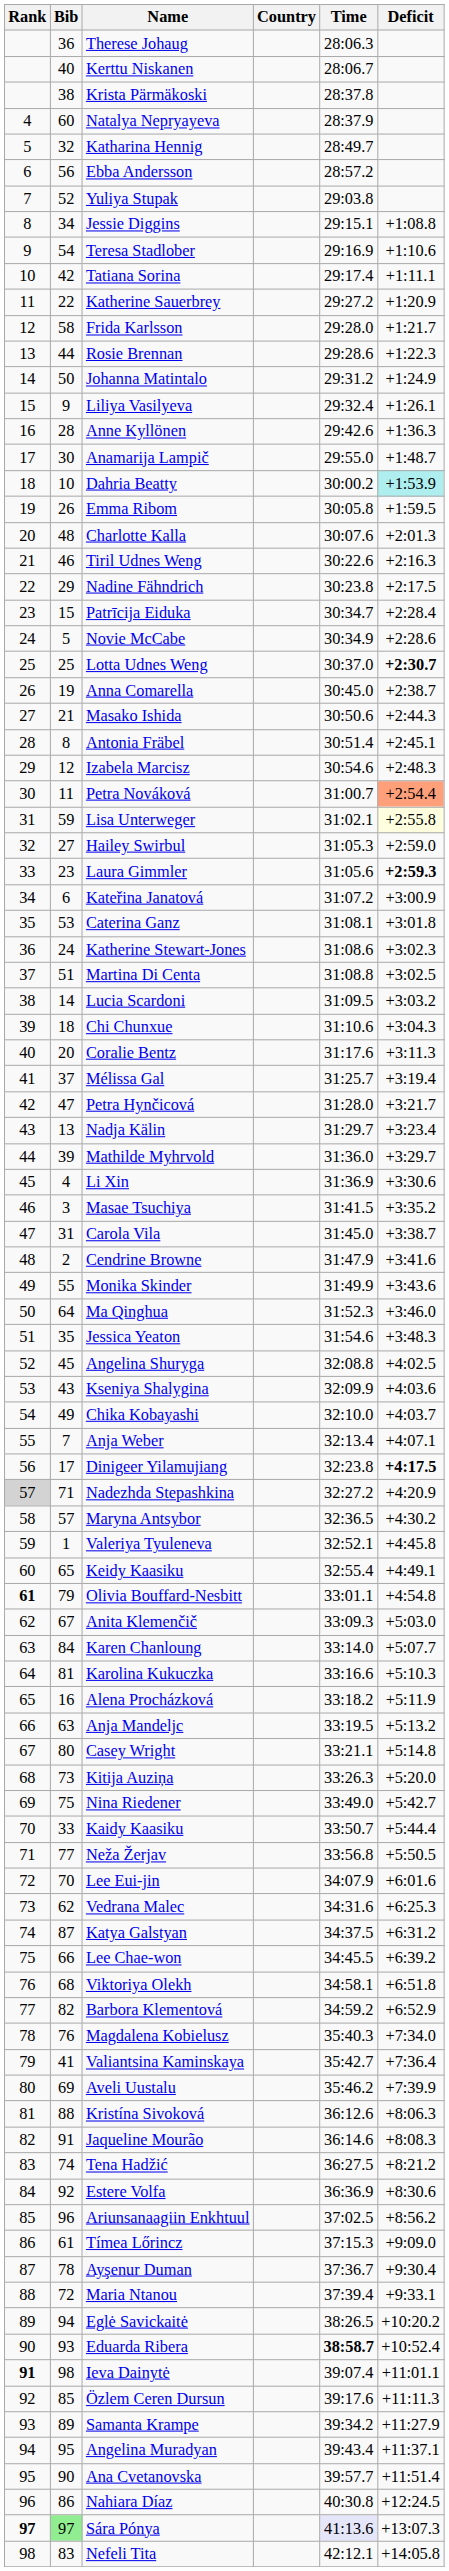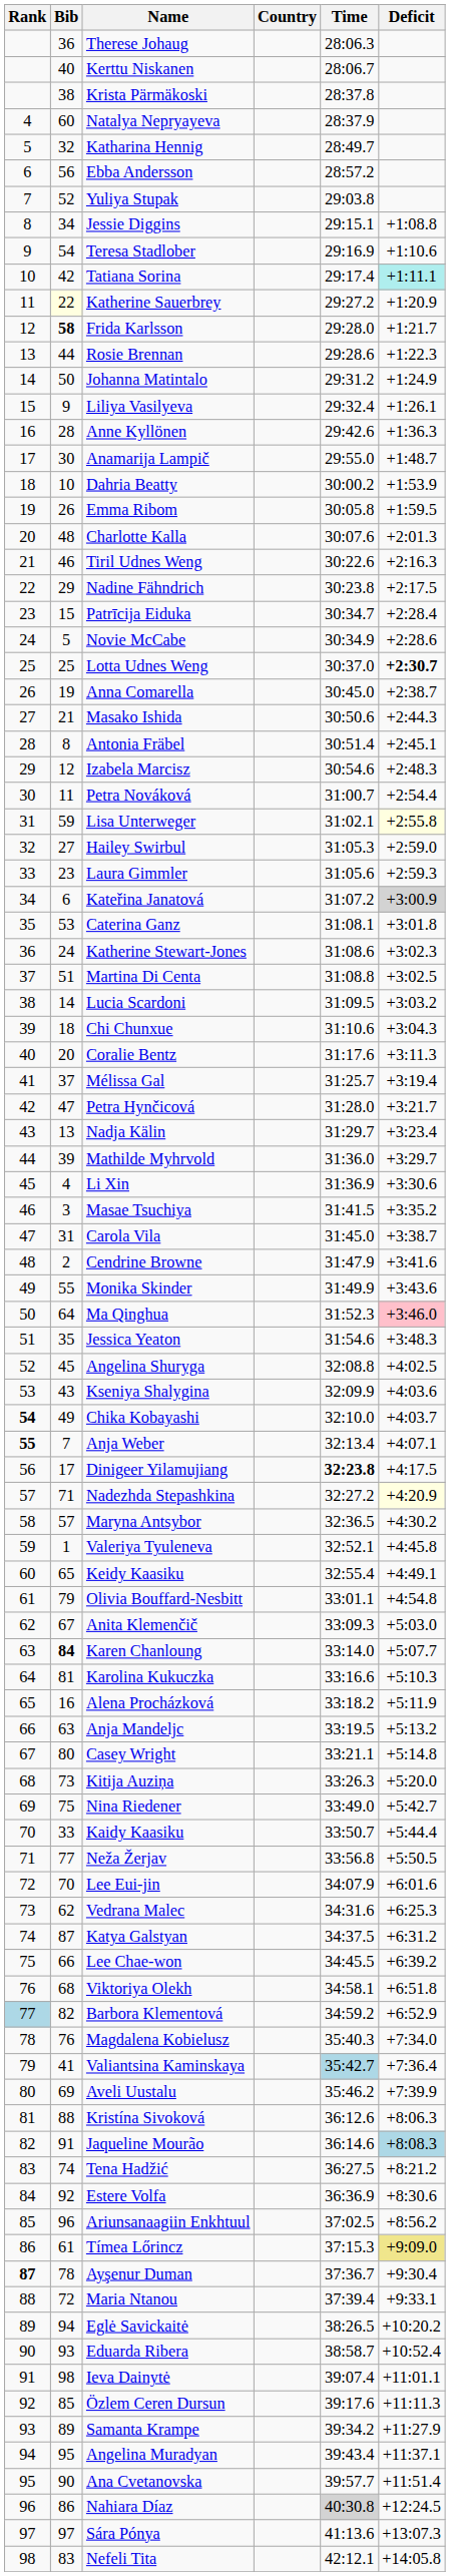 <table class="wikitable sortable" style="text-align:center">
 <tr>
 <th>Rank</th>
 <th>Bib</th>
 <th>Name</th>
 <th>Country</th>
 <th>Time</th>
 <th>Deficit</th>
 </tr>
 <tr>
 <td></td>
 <td>36</td>
 <td align=left><a href='#'>Therese Johaug</a></td>
 <td align=left></td>
 <td>28:06.3</td>
 <td></td>
 </tr>
 <tr>
 <td></td>
 <td>40</td>
 <td align=left><a href='#'>Kerttu Niskanen</a></td>
 <td align=left></td>
 <td>28:06.7</td>
 <td></td>
 </tr>
 <tr>
 <td></td>
 <td>38</td>
 <td align=left><a href='#'>Krista Pärmäkoski</a></td>
 <td align=left></td>
 <td>28:37.8</td>
 <td></td>
 </tr>
 <tr>
 <td>4</td>
 <td>60</td>
 <td align=left><a href='#'>Natalya Nepryayeva</a></td>
 <td align=left></td>
 <td>28:37.9</td>
 <td></td>
 </tr>
 <tr>
 <td>5</td>
 <td>32</td>
 <td align=left><a href='#'>Katharina Hennig</a></td>
 <td align=left></td>
 <td>28:49.7</td>
 <td></td>
 </tr>
 <tr>
 <td>6</td>
 <td>56</td>
 <td align=left><a href='#'>Ebba Andersson</a></td>
 <td align=left></td>
 <td>28:57.2</td>
 <td></td>
 </tr>
 <tr>
 <td>7</td>
 <td>52</td>
 <td align=left><a href='#'>Yuliya Stupak</a></td>
 <td align=left></td>
 <td>29:03.8</td>
 <td></td>
 </tr>
 <tr>
 <td>8</td>
 <td>34</td>
 <td align=left><a href='#'>Jessie Diggins</a></td>
 <td align=left></td>
 <td>29:15.1</td>
 <td>+1:08.8</td>
 </tr>
 <tr>
 <td>9</td>
 <td>54</td>
 <td align=left><a href='#'>Teresa Stadlober</a></td>
 <td align=left></td>
 <td>29:16.9</td>
 <td>+1:10.6</td>
 </tr>
 <tr>
 <td>10</td>
 <td>42</td>
 <td align=left><a href='#'>Tatiana Sorina</a></td>
 <td align=left></td>
 <td>29:17.4</td>
-<td>+1:11.1</td>
+<td style="background: paleturquoise;">+1:11.1</td>
 </tr>
 <tr>
 <td>11</td>
-<td>22</td>
+<td style="background: lightyellow;">22</td>
 <td align=left><a href='#'>Katherine Sauerbrey</a></td>
 <td align=left></td>
 <td>29:27.2</td>
 <td>+1:20.9</td>
 </tr>
 <tr>
 <td>12</td>
-<td>58</td>
+<td><strong>58</strong></td>
 <td align=left><a href='#'>Frida Karlsson</a></td>
 <td align=left></td>
 <td>29:28.0</td>
 <td>+1:21.7</td>
 </tr>
 <tr>
 <td>13</td>
 <td>44</td>
 <td align=left><a href='#'>Rosie Brennan</a></td>
 <td align=left></td>
 <td>29:28.6</td>
 <td>+1:22.3</td>
 </tr>
 <tr>
 <td>14</td>
 <td>50</td>
 <td align=left><a href='#'>Johanna Matintalo</a></td>
 <td align=left></td>
 <td>29:31.2</td>
 <td>+1:24.9</td>
 </tr>
 <tr>
 <td>15</td>
 <td>9</td>
 <td align=left><a href='#'>Liliya Vasilyeva</a></td>
 <td align=left></td>
 <td>29:32.4</td>
 <td>+1:26.1</td>
 </tr>
 <tr>
 <td>16</td>
 <td>28</td>
 <td align=left><a href='#'>Anne Kyllönen</a></td>
 <td align=left></td>
 <td>29:42.6</td>
 <td>+1:36.3</td>
 </tr>
 <tr>
 <td>17</td>
 <td>30</td>
 <td align=left><a href='#'>Anamarija Lampič</a></td>
 <td align=left></td>
 <td>29:55.0</td>
 <td>+1:48.7</td>
 </tr>
 <tr>
 <td>18</td>
 <td>10</td>
 <td align=left><a href='#'>Dahria Beatty</a></td>
 <td align=left></td>
 <td>30:00.2</td>
-<td style="background: paleturquoise;">+1:53.9</td>
+<td>+1:53.9</td>
 </tr>
 <tr>
 <td>19</td>
 <td>26</td>
 <td align=left><a href='#'>Emma Ribom</a></td>
 <td align=left></td>
 <td>30:05.8</td>
 <td>+1:59.5</td>
 </tr>
 <tr>
 <td>20</td>
 <td>48</td>
 <td align=left><a href='#'>Charlotte Kalla</a></td>
 <td align=left></td>
 <td>30:07.6</td>
 <td>+2:01.3</td>
 </tr>
 <tr>
 <td>21</td>
 <td>46</td>
 <td align=left><a href='#'>Tiril Udnes Weng</a></td>
 <td align=left></td>
 <td>30:22.6</td>
 <td>+2:16.3</td>
 </tr>
 <tr>
 <td>22</td>
 <td>29</td>
 <td align=left><a href='#'>Nadine Fähndrich</a></td>
 <td align=left></td>
 <td>30:23.8</td>
 <td>+2:17.5</td>
 </tr>
 <tr>
 <td>23</td>
 <td>15</td>
 <td align=left><a href='#'>Patrīcija Eiduka</a></td>
 <td align=left></td>
 <td>30:34.7</td>
 <td>+2:28.4</td>
 </tr>
 <tr>
 <td>24</td>
 <td>5</td>
 <td align=left><a href='#'>Novie McCabe</a></td>
 <td align=left></td>
 <td>30:34.9</td>
 <td>+2:28.6</td>
 </tr>
 <tr>
 <td>25</td>
 <td>25</td>
 <td align=left><a href='#'>Lotta Udnes Weng</a></td>
 <td align=left></td>
 <td>30:37.0</td>
 <td><strong>+2:30.7</strong></td>
 </tr>
 <tr>
 <td>26</td>
 <td>19</td>
 <td align=left><a href='#'>Anna Comarella</a></td>
 <td align=left></td>
 <td>30:45.0</td>
 <td>+2:38.7</td>
 </tr>
 <tr>
 <td>27</td>
 <td>21</td>
 <td align=left><a href='#'>Masako Ishida</a></td>
 <td align=left></td>
 <td>30:50.6</td>
 <td>+2:44.3</td>
 </tr>
 <tr>
 <td>28</td>
 <td>8</td>
 <td align=left><a href='#'>Antonia Fräbel</a></td>
 <td align=left></td>
 <td>30:51.4</td>
 <td>+2:45.1</td>
 </tr>
 <tr>
 <td>29</td>
 <td>12</td>
 <td align=left><a href='#'>Izabela Marcisz</a></td>
 <td align=left></td>
 <td>30:54.6</td>
 <td>+2:48.3</td>
 </tr>
 <tr>
 <td>30</td>
 <td>11</td>
 <td align=left><a href='#'>Petra Nováková</a></td>
 <td align=left></td>
 <td>31:00.7</td>
-<td style="background: lightsalmon;">+2:54.4</td>
+<td>+2:54.4</td>
 </tr>
 <tr>
 <td>31</td>
 <td>59</td>
 <td align=left><a href='#'>Lisa Unterweger</a></td>
 <td align=left></td>
 <td>31:02.1</td>
 <td style="background: lightyellow;">+2:55.8</td>
 </tr>
 <tr>
 <td>32</td>
 <td>27</td>
 <td align=left><a href='#'>Hailey Swirbul</a></td>
 <td align=left></td>
 <td>31:05.3</td>
 <td>+2:59.0</td>
 </tr>
 <tr>
 <td>33</td>
 <td>23</td>
 <td align=left><a href='#'>Laura Gimmler</a></td>
 <td align=left></td>
 <td>31:05.6</td>
-<td><strong>+2:59.3</strong></td>
+<td>+2:59.3</td>
 </tr>
 <tr>
 <td>34</td>
 <td>6</td>
 <td align=left><a href='#'>Kateřina Janatová</a></td>
 <td align=left></td>
 <td>31:07.2</td>
-<td>+3:00.9</td>
+<td style="background: lightgrey;">+3:00.9</td>
 </tr>
 <tr>
 <td>35</td>
 <td>53</td>
 <td align=left><a href='#'>Caterina Ganz</a></td>
 <td align=left></td>
 <td>31:08.1</td>
 <td>+3:01.8</td>
 </tr>
 <tr>
 <td>36</td>
 <td>24</td>
 <td align=left><a href='#'>Katherine Stewart-Jones</a></td>
 <td align=left></td>
 <td>31:08.6</td>
 <td>+3:02.3</td>
 </tr>
 <tr>
 <td>37</td>
 <td>51</td>
 <td align=left><a href='#'>Martina Di Centa</a></td>
 <td align=left></td>
 <td>31:08.8</td>
 <td>+3:02.5</td>
 </tr>
 <tr>
 <td>38</td>
 <td>14</td>
 <td align=left><a href='#'>Lucia Scardoni</a></td>
 <td align=left></td>
 <td>31:09.5</td>
 <td>+3:03.2</td>
 </tr>
 <tr>
 <td>39</td>
 <td>18</td>
 <td align=left><a href='#'>Chi Chunxue</a></td>
 <td align=left></td>
 <td>31:10.6</td>
 <td>+3:04.3</td>
 </tr>
 <tr>
 <td>40</td>
 <td>20</td>
 <td align=left><a href='#'>Coralie Bentz</a></td>
 <td align=left></td>
 <td>31:17.6</td>
 <td>+3:11.3</td>
 </tr>
 <tr>
 <td>41</td>
 <td>37</td>
 <td align=left><a href='#'>Mélissa Gal</a></td>
 <td align=left></td>
 <td>31:25.7</td>
 <td>+3:19.4</td>
 </tr>
 <tr>
 <td>42</td>
 <td>47</td>
 <td align=left><a href='#'>Petra Hynčicová</a></td>
 <td align=left></td>
 <td>31:28.0</td>
 <td>+3:21.7</td>
 </tr>
 <tr>
 <td>43</td>
 <td>13</td>
 <td align=left><a href='#'>Nadja Kälin</a></td>
 <td align=left></td>
 <td>31:29.7</td>
 <td>+3:23.4</td>
 </tr>
 <tr>
 <td>44</td>
 <td>39</td>
 <td align=left><a href='#'>Mathilde Myhrvold</a></td>
 <td align=left></td>
 <td>31:36.0</td>
 <td>+3:29.7</td>
 </tr>
 <tr>
 <td>45</td>
 <td>4</td>
 <td align=left><a href='#'>Li Xin</a></td>
 <td align=left></td>
 <td>31:36.9</td>
 <td>+3:30.6</td>
 </tr>
 <tr>
 <td>46</td>
 <td>3</td>
 <td align=left><a href='#'>Masae Tsuchiya</a></td>
 <td align=left></td>
 <td>31:41.5</td>
 <td>+3:35.2</td>
 </tr>
 <tr>
 <td>47</td>
 <td>31</td>
 <td align=left><a href='#'>Carola Vila</a></td>
 <td align=left></td>
 <td>31:45.0</td>
 <td>+3:38.7</td>
 </tr>
 <tr>
 <td>48</td>
 <td>2</td>
 <td align=left><a href='#'>Cendrine Browne</a></td>
 <td align=left></td>
 <td>31:47.9</td>
 <td>+3:41.6</td>
 </tr>
 <tr>
 <td>49</td>
 <td>55</td>
 <td align=left><a href='#'>Monika Skinder</a></td>
 <td align=left></td>
 <td>31:49.9</td>
 <td>+3:43.6</td>
 </tr>
 <tr>
 <td>50</td>
 <td>64</td>
 <td align=left><a href='#'>Ma Qinghua</a></td>
 <td align=left></td>
 <td>31:52.3</td>
-<td>+3:46.0</td>
+<td style="background: pink;">+3:46.0</td>
 </tr>
 <tr>
 <td>51</td>
 <td>35</td>
 <td align=left><a href='#'>Jessica Yeaton</a></td>
 <td align=left></td>
 <td>31:54.6</td>
 <td>+3:48.3</td>
 </tr>
 <tr>
 <td>52</td>
 <td>45</td>
 <td align=left><a href='#'>Angelina Shuryga</a></td>
 <td align=left></td>
 <td>32:08.8</td>
 <td>+4:02.5</td>
 </tr>
 <tr>
 <td>53</td>
 <td>43</td>
 <td align=left><a href='#'>Kseniya Shalygina</a></td>
 <td align=left></td>
 <td>32:09.9</td>
 <td>+4:03.6</td>
 </tr>
 <tr>
-<td>54</td>
+<td><strong>54</strong></td>
 <td>49</td>
 <td align=left><a href='#'>Chika Kobayashi</a></td>
 <td align=left></td>
 <td>32:10.0</td>
 <td>+4:03.7</td>
 </tr>
 <tr>
-<td>55</td>
+<td><strong>55</strong></td>
 <td>7</td>
 <td align=left><a href='#'>Anja Weber</a></td>
 <td align=left></td>
 <td>32:13.4</td>
 <td>+4:07.1</td>
 </tr>
 <tr>
 <td>56</td>
 <td>17</td>
 <td align=left><a href='#'>Dinigeer Yilamujiang</a></td>
 <td align=left></td>
-<td>32:23.8</td>
-<td><strong>+4:17.5</strong></td>
+<td><strong>32:23.8</strong></td>
+<td>+4:17.5</td>
 </tr>
 <tr>
-<td style="background: lightgrey;">57</td>
+<td>57</td>
 <td>71</td>
 <td align=left><a href='#'>Nadezhda Stepashkina</a></td>
 <td align=left></td>
 <td>32:27.2</td>
-<td>+4:20.9</td>
+<td style="background: lightyellow;">+4:20.9</td>
 </tr>
 <tr>
 <td>58</td>
 <td>57</td>
 <td align=left><a href='#'>Maryna Antsybor</a></td>
 <td align=left></td>
 <td>32:36.5</td>
 <td>+4:30.2</td>
 </tr>
 <tr>
 <td>59</td>
 <td>1</td>
 <td align=left><a href='#'>Valeriya Tyuleneva</a></td>
 <td align=left></td>
 <td>32:52.1</td>
 <td>+4:45.8</td>
 </tr>
 <tr>
 <td>60</td>
 <td>65</td>
 <td align=left><a href='#'>Keidy Kaasiku</a></td>
 <td align=left></td>
 <td>32:55.4</td>
 <td>+4:49.1</td>
 </tr>
 <tr>
-<td><strong>61</strong></td>
+<td>61</td>
 <td>79</td>
 <td align=left><a href='#'>Olivia Bouffard-Nesbitt</a></td>
 <td align=left></td>
 <td>33:01.1</td>
 <td>+4:54.8</td>
 </tr>
 <tr>
 <td>62</td>
 <td>67</td>
 <td align=left><a href='#'>Anita Klemenčič</a></td>
 <td align=left></td>
 <td>33:09.3</td>
 <td>+5:03.0</td>
 </tr>
 <tr>
 <td>63</td>
-<td>84</td>
+<td><strong>84</strong></td>
 <td align=left><a href='#'>Karen Chanloung</a></td>
 <td align=left></td>
 <td>33:14.0</td>
 <td>+5:07.7</td>
 </tr>
 <tr>
 <td>64</td>
 <td>81</td>
 <td align=left><a href='#'>Karolina Kukuczka</a></td>
 <td align=left></td>
 <td>33:16.6</td>
 <td>+5:10.3</td>
 </tr>
 <tr>
 <td>65</td>
 <td>16</td>
 <td align=left><a href='#'>Alena Procházková</a></td>
 <td align=left></td>
 <td>33:18.2</td>
 <td>+5:11.9</td>
 </tr>
 <tr>
 <td>66</td>
 <td>63</td>
 <td align=left><a href='#'>Anja Mandeljc</a></td>
 <td align=left></td>
 <td>33:19.5</td>
 <td>+5:13.2</td>
 </tr>
 <tr>
 <td>67</td>
 <td>80</td>
 <td align=left><a href='#'>Casey Wright</a></td>
 <td align=left></td>
 <td>33:21.1</td>
 <td>+5:14.8</td>
 </tr>
 <tr>
 <td>68</td>
 <td>73</td>
 <td align=left><a href='#'>Kitija Auziņa</a></td>
 <td align=left></td>
 <td>33:26.3</td>
 <td>+5:20.0</td>
 </tr>
 <tr>
 <td>69</td>
 <td>75</td>
 <td align=left><a href='#'>Nina Riedener</a></td>
 <td align=left></td>
 <td>33:49.0</td>
 <td>+5:42.7</td>
 </tr>
 <tr>
 <td>70</td>
 <td>33</td>
 <td align=left><a href='#'>Kaidy Kaasiku</a></td>
 <td align=left></td>
 <td>33:50.7</td>
 <td>+5:44.4</td>
 </tr>
 <tr>
 <td>71</td>
 <td>77</td>
 <td align=left><a href='#'>Neža Žerjav</a></td>
 <td align=left></td>
 <td>33:56.8</td>
 <td>+5:50.5</td>
 </tr>
 <tr>
 <td>72</td>
 <td>70</td>
 <td align=left><a href='#'>Lee Eui-jin</a></td>
 <td align=left></td>
 <td>34:07.9</td>
 <td>+6:01.6</td>
 </tr>
 <tr>
 <td>73</td>
 <td>62</td>
 <td align=left><a href='#'>Vedrana Malec</a></td>
 <td align=left></td>
 <td>34:31.6</td>
 <td>+6:25.3</td>
 </tr>
 <tr>
 <td>74</td>
 <td>87</td>
 <td align=left><a href='#'>Katya Galstyan</a></td>
 <td align=left></td>
 <td>34:37.5</td>
 <td>+6:31.2</td>
 </tr>
 <tr>
 <td>75</td>
 <td>66</td>
 <td align=left><a href='#'>Lee Chae-won</a></td>
 <td align=left></td>
 <td>34:45.5</td>
 <td>+6:39.2</td>
 </tr>
 <tr>
 <td>76</td>
 <td>68</td>
 <td align=left><a href='#'>Viktoriya Olekh</a></td>
 <td align=left></td>
 <td>34:58.1</td>
 <td>+6:51.8</td>
 </tr>
 <tr>
-<td>77</td>
+<td style="background: lightblue;">77</td>
 <td>82</td>
 <td align=left><a href='#'>Barbora Klementová</a></td>
 <td align=left></td>
 <td>34:59.2</td>
 <td>+6:52.9</td>
 </tr>
 <tr>
 <td>78</td>
 <td>76</td>
 <td align=left><a href='#'>Magdalena Kobielusz</a></td>
 <td align=left></td>
 <td>35:40.3</td>
 <td>+7:34.0</td>
 </tr>
 <tr>
 <td>79</td>
 <td>41</td>
 <td align=left><a href='#'>Valiantsina Kaminskaya</a></td>
 <td align=left></td>
-<td>35:42.7</td>
+<td style="background: lightblue;">35:42.7</td>
 <td>+7:36.4</td>
 </tr>
 <tr>
 <td>80</td>
 <td>69</td>
 <td align=left><a href='#'>Aveli Uustalu</a></td>
 <td align=left></td>
 <td>35:46.2</td>
 <td>+7:39.9</td>
 </tr>
 <tr>
 <td>81</td>
 <td>88</td>
 <td align=left><a href='#'>Kristína Sivoková</a></td>
 <td align=left></td>
 <td>36:12.6</td>
 <td>+8:06.3</td>
 </tr>
 <tr>
 <td>82</td>
 <td>91</td>
 <td align=left><a href='#'>Jaqueline Mourão</a></td>
 <td align=left></td>
 <td>36:14.6</td>
-<td>+8:08.3</td>
+<td style="background: lightblue;">+8:08.3</td>
 </tr>
 <tr>
 <td>83</td>
 <td>74</td>
 <td align=left><a href='#'>Tena Hadžić</a></td>
 <td align=left></td>
 <td>36:27.5</td>
 <td>+8:21.2</td>
 </tr>
 <tr>
 <td>84</td>
 <td>92</td>
 <td align=left><a href='#'>Estere Volfa</a></td>
 <td align=left></td>
 <td>36:36.9</td>
 <td>+8:30.6</td>
 </tr>
 <tr>
 <td>85</td>
 <td>96</td>
 <td align=left><a href='#'>Ariunsanaagiin Enkhtuul</a></td>
 <td align=left></td>
 <td>37:02.5</td>
 <td>+8:56.2</td>
 </tr>
 <tr>
 <td>86</td>
 <td>61</td>
 <td align=left><a href='#'>Tímea Lőrincz</a></td>
 <td align=left></td>
 <td>37:15.3</td>
-<td>+9:09.0</td>
+<td style="background: khaki;">+9:09.0</td>
 </tr>
 <tr>
-<td>87</td>
+<td><strong>87</strong></td>
 <td>78</td>
 <td align=left><a href='#'>Ayşenur Duman</a></td>
 <td align=left></td>
 <td>37:36.7</td>
 <td>+9:30.4</td>
 </tr>
 <tr>
 <td>88</td>
 <td>72</td>
 <td align=left><a href='#'>Maria Ntanou</a></td>
 <td align=left></td>
 <td>37:39.4</td>
 <td>+9:33.1</td>
 </tr>
 <tr>
 <td>89</td>
 <td>94</td>
 <td align=left><a href='#'>Eglė Savickaitė</a></td>
 <td align=left></td>
 <td>38:26.5</td>
 <td>+10:20.2</td>
 </tr>
 <tr>
 <td>90</td>
 <td>93</td>
 <td align=left><a href='#'>Eduarda Ribera</a></td>
 <td align=left></td>
-<td><strong>38:58.7</strong></td>
+<td>38:58.7</td>
 <td>+10:52.4</td>
 </tr>
 <tr>
-<td><strong>91</strong></td>
+<td>91</td>
 <td>98</td>
 <td align=left><a href='#'>Ieva Dainytė</a></td>
 <td align=left></td>
 <td>39:07.4</td>
 <td>+11:01.1</td>
 </tr>
 <tr>
 <td>92</td>
 <td>85</td>
 <td align=left><a href='#'>Özlem Ceren Dursun</a></td>
 <td align=left></td>
 <td>39:17.6</td>
 <td>+11:11.3</td>
 </tr>
 <tr>
 <td>93</td>
 <td>89</td>
 <td align=left><a href='#'>Samanta Krampe</a></td>
 <td align=left></td>
 <td>39:34.2</td>
 <td>+11:27.9</td>
 </tr>
 <tr>
 <td>94</td>
 <td>95</td>
 <td align=left><a href='#'>Angelina Muradyan</a></td>
 <td align=left></td>
 <td>39:43.4</td>
 <td>+11:37.1</td>
 </tr>
 <tr>
 <td>95</td>
 <td>90</td>
 <td align=left><a href='#'>Ana Cvetanovska</a></td>
 <td align=left></td>
 <td>39:57.7</td>
 <td>+11:51.4</td>
 </tr>
 <tr>
 <td>96</td>
 <td>86</td>
 <td align=left><a href='#'>Nahiara Díaz</a></td>
 <td align=left></td>
-<td>40:30.8</td>
+<td style="background: lightgrey;">40:30.8</td>
 <td>+12:24.5</td>
 </tr>
 <tr>
-<td><strong>97</strong></td>
-<td style="background: lightgreen;">97</td>
+<td>97</td>
+<td>97</td>
 <td align=left><a href='#'>Sára Pónya</a></td>
 <td align=left></td>
-<td style="background: lavender;">41:13.6</td>
+<td>41:13.6</td>
 <td>+13:07.3</td>
 </tr>
 <tr>
 <td>98</td>
 <td>83</td>
 <td align=left><a href='#'>Nefeli Tita</a></td>
 <td align=left></td>
 <td>42:12.1</td>
 <td>+14:05.8</td>
 </tr>
 </table>
